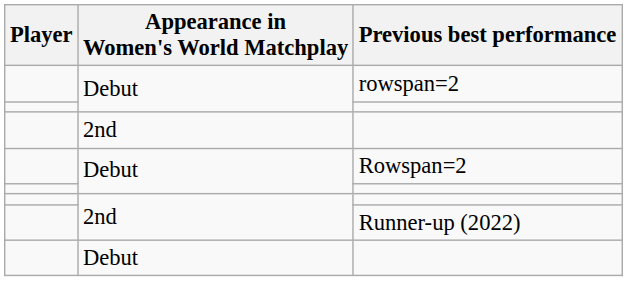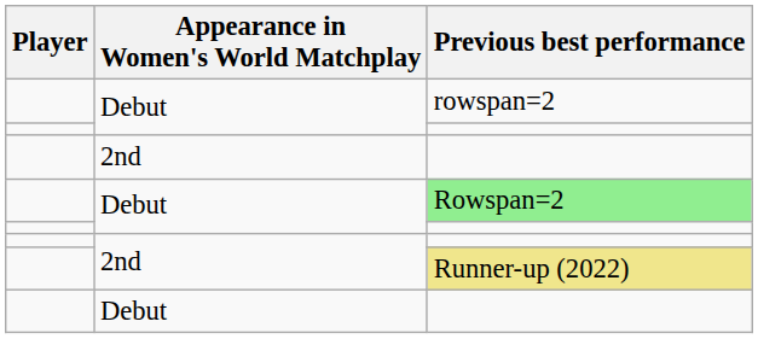 <table class="wikitable sortable" style="text-align: left;">
 <tr>
 <th>Player</th>
 <th data-sort-type="number">Appearance in<br>Women's World Matchplay</th>
 <th data-sort-type="number">Previous best performance</th>
 </tr>
 <tr>
 <td></td>
 <td Rowspan=2>Debut</td>
 <td>rowspan=2</td>
 </tr>
 <tr>
 <td></td>
 </tr>
 <tr>
 <td></td>
 <td>2nd</td>
 <td></td>
 </tr>
 <tr>
 <td></td>
 <td Rowspan=2>Debut</td>
-<td>Rowspan=2</td>
+<td style="background: lightgreen;">Rowspan=2</td>
 </tr>
 <tr>
 <td></td>
 </tr>
 <tr>
 <td></td>
 <td Rowspan=2>2nd</td>
 <td></td>
 </tr>
 <tr>
 <td></td>
-<td> Runner-up (2022)</td>
+<td style="background: khaki;"> Runner-up (2022)</td>
 </tr>
 <tr>
 <td></td>
 <td> Debut</td>
 <td></td>
 </tr>
 </table>
